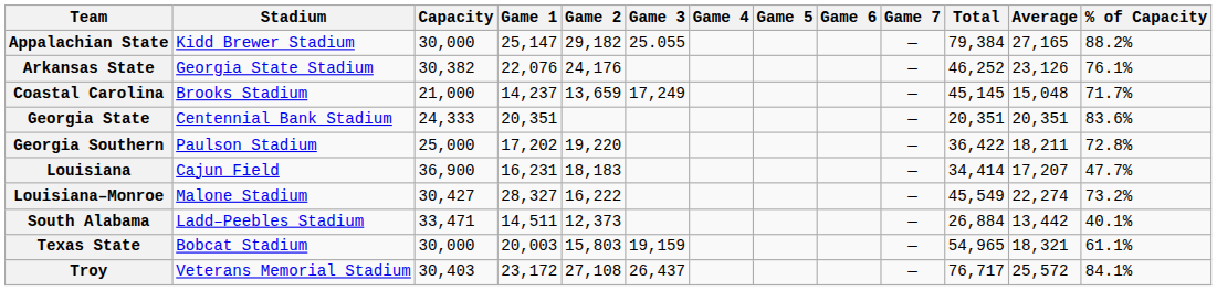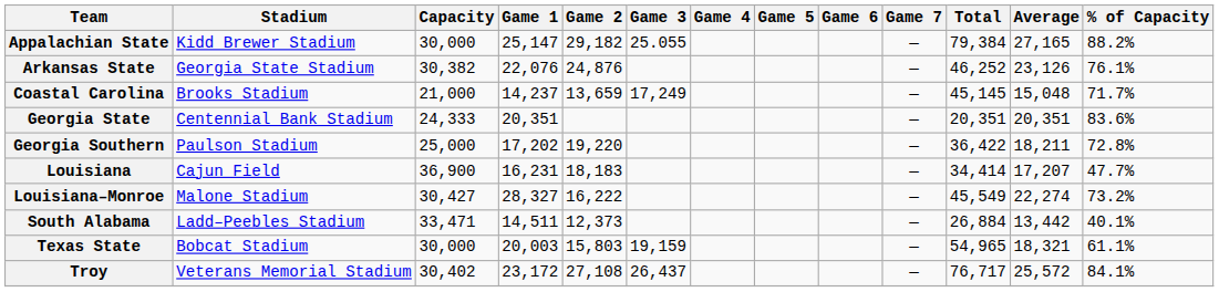 <table class="wikitable sortable">
 <tr>
 <th>Team</th>
 <th>Stadium</th>
 <th>Capacity</th>
 <th>Game 1</th>
 <th>Game 2</th>
 <th>Game 3</th>
 <th>Game 4</th>
 <th>Game 5</th>
 <th>Game 6</th>
 <th>Game 7</th>
 <th>Total</th>
 <th>Average</th>
 <th>% of Capacity</th>
 </tr>
 <tr>
 <th>Appalachian State</th>
 <td><a href='#'>Kidd Brewer Stadium</a></td>
 <td>30,000</td>
 <td>25,147</td>
 <td>29,182</td>
 <td>25.055</td>
 <td></td>
 <td></td>
 <td></td>
 <td style="text-align:center;">—</td>
 <td>79,384</td>
 <td>27,165</td>
 <td>88.2%</td>
 </tr>
 <tr>
 <th>Arkansas State</th>
 <td><a href='#'>Georgia State Stadium</a></td>
 <td>30,382</td>
 <td>22,076</td>
-<td>24,176</td>
+<td>24,876</td>
 <td></td>
 <td></td>
 <td></td>
 <td></td>
 <td style="text-align:center;">—</td>
 <td>46,252</td>
 <td>23,126</td>
 <td>76.1%</td>
 </tr>
 <tr>
 <th>Coastal Carolina</th>
 <td><a href='#'>Brooks Stadium</a></td>
 <td>21,000</td>
 <td>14,237</td>
 <td>13,659</td>
 <td>17,249</td>
 <td></td>
 <td></td>
 <td></td>
 <td style="text-align:center;">—</td>
 <td>45,145</td>
 <td>15,048</td>
 <td>71.7%</td>
 </tr>
 <tr>
 <th>Georgia State</th>
 <td><a href='#'>Centennial Bank Stadium</a></td>
 <td>24,333</td>
 <td>20,351</td>
 <td></td>
 <td></td>
 <td></td>
 <td></td>
 <td></td>
 <td style="text-align:center;">—</td>
 <td>20,351</td>
 <td>20,351</td>
 <td>83.6%</td>
 </tr>
 <tr>
 <th>Georgia Southern</th>
 <td><a href='#'>Paulson Stadium</a></td>
 <td>25,000</td>
 <td>17,202</td>
 <td>19,220</td>
 <td></td>
 <td></td>
 <td></td>
 <td></td>
 <td style="text-align:center;">—</td>
 <td>36,422</td>
 <td>18,211</td>
 <td>72.8%</td>
 </tr>
 <tr>
 <th>Louisiana</th>
 <td><a href='#'>Cajun Field</a></td>
 <td>36,900</td>
 <td>16,231</td>
 <td>18,183</td>
 <td></td>
 <td></td>
 <td></td>
 <td></td>
 <td style="text-align:center;">—</td>
 <td>34,414</td>
 <td>17,207</td>
 <td>47.7%</td>
 </tr>
 <tr>
 <th>Louisiana–Monroe</th>
 <td><a href='#'>Malone Stadium</a></td>
 <td>30,427</td>
 <td>28,327</td>
 <td>16,222</td>
 <td></td>
 <td></td>
 <td></td>
 <td></td>
 <td style="text-align:center;">—</td>
 <td>45,549</td>
 <td>22,274</td>
 <td>73.2%</td>
 </tr>
 <tr>
 <th>South Alabama</th>
 <td><a href='#'>Ladd–Peebles Stadium</a></td>
 <td>33,471</td>
 <td>14,511</td>
 <td>12,373</td>
 <td></td>
 <td></td>
 <td></td>
 <td></td>
 <td style="text-align:center;">—</td>
 <td>26,884</td>
 <td>13,442</td>
 <td>40.1%</td>
 </tr>
 <tr>
 <th>Texas State</th>
 <td><a href='#'>Bobcat Stadium</a></td>
 <td>30,000</td>
 <td>20,003</td>
 <td>15,803</td>
 <td>19,159</td>
 <td></td>
 <td></td>
 <td></td>
 <td style="text-align:center;">—</td>
 <td>54,965</td>
 <td>18,321</td>
 <td>61.1%</td>
 </tr>
 <tr>
 <th>Troy</th>
 <td><a href='#'>Veterans Memorial Stadium</a></td>
-<td>30,403</td>
+<td>30,402</td>
 <td>23,172</td>
 <td>27,108</td>
 <td>26,437</td>
 <td></td>
 <td></td>
 <td></td>
 <td style="text-align:center;">—</td>
 <td>76,717</td>
 <td>25,572</td>
 <td>84.1%</td>
 </tr>
 <tr>
 </tr>
 </table>
